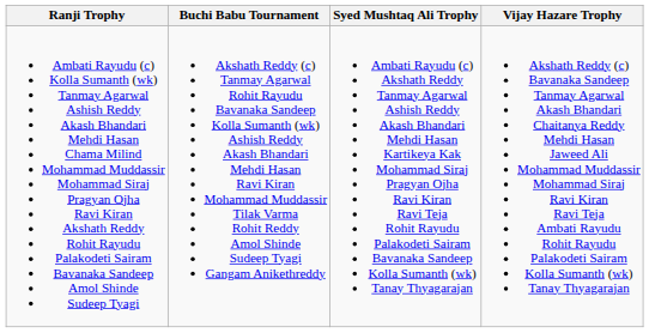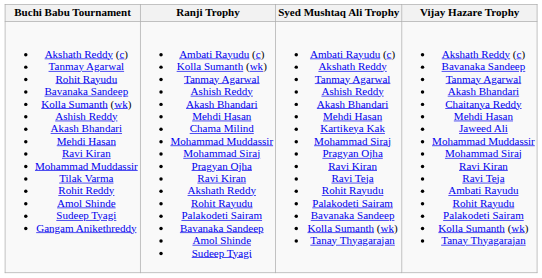 <table class="wikitable" style="text-align:center; margin:auto">
 <tr>
+<th>Buchi Babu Tournament</th>
 <th>Ranji Trophy</th>
-<th>Buchi Babu Tournament</th>
 <th>Syed Mushtaq Ali Trophy</th>
 <th>Vijay Hazare Trophy</th>
 </tr>
 <tr style="vertical-align:top">
+<td><br><ul><li><a href='#'>Akshath Reddy</a> (<a href='#'>c</a>)</li><li><a href='#'>Tanmay Agarwal</a></li><li><a href='#'>Rohit Rayudu</a></li><li><a href='#'>Bavanaka Sandeep</a></li><li><a href='#'>Kolla Sumanth</a> (<a href='#'>wk</a>)</li><li><a href='#'>Ashish Reddy</a></li><li><a href='#'>Akash Bhandari</a></li><li><a href='#'>Mehdi Hasan</a></li><li><a href='#'>Ravi Kiran</a></li><li><a href='#'>Mohammad Muddassir</a></li><li><a href='#'>Tilak Varma</a></li><li><a href='#'>Rohit Reddy</a></li><li><a href='#'>Amol Shinde</a></li><li><a href='#'>Sudeep Tyagi</a></li><li><a href='#'>Gangam Anikethreddy</a></li></ul></td>
 <td><br><ul><li><a href='#'>Ambati Rayudu</a> (<a href='#'>c</a>)</li><li><a href='#'>Kolla Sumanth</a> (<a href='#'>wk</a>)</li><li><a href='#'>Tanmay Agarwal</a></li><li><a href='#'>Ashish Reddy</a></li><li><a href='#'>Akash Bhandari</a></li><li><a href='#'>Mehdi Hasan</a></li><li><a href='#'>Chama Milind</a></li><li><a href='#'>Mohammad Muddassir</a></li><li><a href='#'>Mohammad Siraj</a></li><li><a href='#'>Pragyan Ojha</a></li><li><a href='#'>Ravi Kiran</a></li><li><a href='#'>Akshath Reddy</a></li><li><a href='#'>Rohit Rayudu</a></li><li><a href='#'>Palakodeti Sairam</a></li><li><a href='#'>Bavanaka Sandeep</a></li><li><a href='#'>Amol Shinde</a></li><li><a href='#'>Sudeep Tyagi</a></li></ul></td>
-<td><br><ul><li><a href='#'>Akshath Reddy</a> (<a href='#'>c</a>)</li><li><a href='#'>Tanmay Agarwal</a></li><li><a href='#'>Rohit Rayudu</a></li><li><a href='#'>Bavanaka Sandeep</a></li><li><a href='#'>Kolla Sumanth</a> (<a href='#'>wk</a>)</li><li><a href='#'>Ashish Reddy</a></li><li><a href='#'>Akash Bhandari</a></li><li><a href='#'>Mehdi Hasan</a></li><li><a href='#'>Ravi Kiran</a></li><li><a href='#'>Mohammad Muddassir</a></li><li><a href='#'>Tilak Varma</a></li><li><a href='#'>Rohit Reddy</a></li><li><a href='#'>Amol Shinde</a></li><li><a href='#'>Sudeep Tyagi</a></li><li><a href='#'>Gangam Anikethreddy</a></li></ul></td>
 <td><br><ul><li><a href='#'>Ambati Rayudu</a> (<a href='#'>c</a>)</li><li><a href='#'>Akshath Reddy</a></li><li><a href='#'>Tanmay Agarwal</a></li><li><a href='#'>Ashish Reddy</a></li><li><a href='#'>Akash Bhandari</a></li><li><a href='#'>Mehdi Hasan</a></li><li><a href='#'>Kartikeya Kak</a></li><li><a href='#'>Mohammad Siraj</a></li><li><a href='#'>Pragyan Ojha</a></li><li><a href='#'>Ravi Kiran</a></li><li><a href='#'>Ravi Teja</a></li><li><a href='#'>Rohit Rayudu</a></li><li><a href='#'>Palakodeti Sairam</a></li><li><a href='#'>Bavanaka Sandeep</a></li><li><a href='#'>Kolla Sumanth</a> (<a href='#'>wk</a>)</li><li><a href='#'>Tanay Thyagarajan</a></li></ul></td>
 <td><br><ul><li><a href='#'>Akshath Reddy</a> (<a href='#'>c</a>)</li><li><a href='#'>Bavanaka Sandeep</a></li><li><a href='#'>Tanmay Agarwal</a></li><li><a href='#'>Akash Bhandari</a></li><li><a href='#'>Chaitanya Reddy</a></li><li><a href='#'>Mehdi Hasan</a></li><li><a href='#'>Jaweed Ali</a></li><li><a href='#'>Mohammad Muddassir</a></li><li><a href='#'>Mohammad Siraj</a></li><li><a href='#'>Ravi Kiran</a></li><li><a href='#'>Ravi Teja</a></li><li><a href='#'>Ambati Rayudu</a></li><li><a href='#'>Rohit Rayudu</a></li><li><a href='#'>Palakodeti Sairam</a></li><li><a href='#'>Kolla Sumanth</a> (<a href='#'>wk</a>)</li><li><a href='#'>Tanay Thyagarajan</a></li></ul></td>
 </tr>
 </table>
